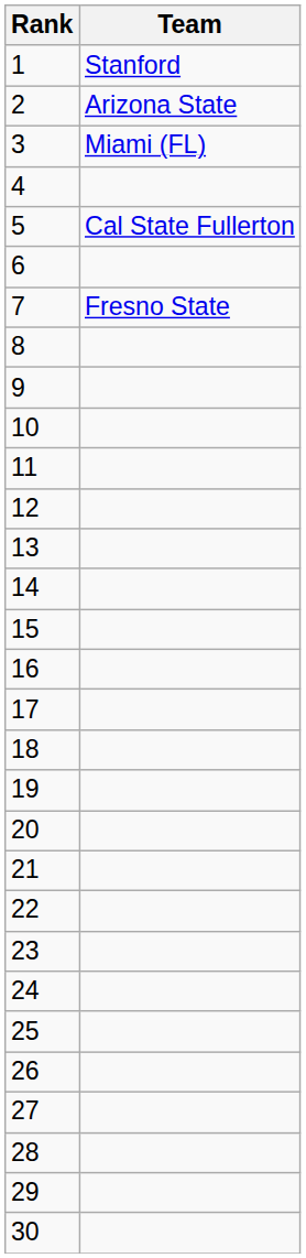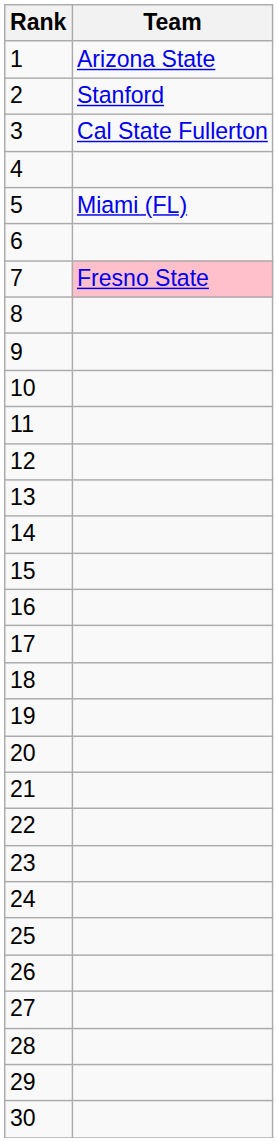 <table class=wikitable>
 <tr>
 <th>Rank</th>
 <th>Team</th>
 </tr>
 <tr>
 <td>1</td>
+<td><a href='#'>Arizona State</a></td>
+</tr>
+<tr>
+<td>2</td>
 <td><a href='#'>Stanford</a></td>
 </tr>
 <tr>
-<td>2</td>
-<td><a href='#'>Arizona State</a></td>
-</tr>
-<tr>
 <td>3</td>
-<td><a href='#'>Miami (FL)</a></td>
+<td><a href='#'>Cal State Fullerton</a></td>
 </tr>
 <tr>
 <td>4</td>
 <td></td>
 </tr>
 <tr>
 <td>5</td>
-<td><a href='#'>Cal State Fullerton</a></td>
+<td><a href='#'>Miami (FL)</a></td>
 </tr>
 <tr>
 <td>6</td>
 <td></td>
 </tr>
 <tr>
 <td>7</td>
-<td><a href='#'>Fresno State</a></td>
+<td style="background: pink;"><a href='#'>Fresno State</a></td>
 </tr>
 <tr>
 <td>8</td>
 <td></td>
 </tr>
 <tr>
 <td>9</td>
 <td></td>
 </tr>
 <tr>
 <td>10</td>
 <td></td>
 </tr>
 <tr>
 <td>11</td>
 <td></td>
 </tr>
 <tr>
 <td>12</td>
 <td></td>
 </tr>
 <tr>
 <td>13</td>
 <td></td>
 </tr>
 <tr>
 <td>14</td>
 <td></td>
 </tr>
 <tr>
 <td>15</td>
 <td></td>
 </tr>
 <tr>
 <td>16</td>
 <td></td>
 </tr>
 <tr>
 <td>17</td>
 <td></td>
 </tr>
 <tr>
 <td>18</td>
 <td></td>
 </tr>
 <tr>
 <td>19</td>
 <td></td>
 </tr>
 <tr>
 <td>20</td>
 <td></td>
 </tr>
 <tr>
 <td>21</td>
 <td></td>
 </tr>
 <tr>
 <td>22</td>
 <td></td>
 </tr>
 <tr>
 <td>23</td>
 <td></td>
 </tr>
 <tr>
 <td>24</td>
 <td></td>
 </tr>
 <tr>
 <td>25</td>
 <td></td>
 </tr>
 <tr>
 <td>26</td>
 <td></td>
 </tr>
 <tr>
 <td>27</td>
 <td></td>
 </tr>
 <tr>
 <td>28</td>
 <td></td>
 </tr>
 <tr>
 <td>29</td>
 <td></td>
 </tr>
 <tr>
 <td>30</td>
 <td></td>
 </tr>
 </table>
